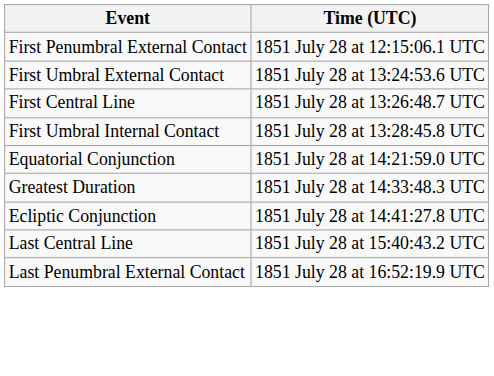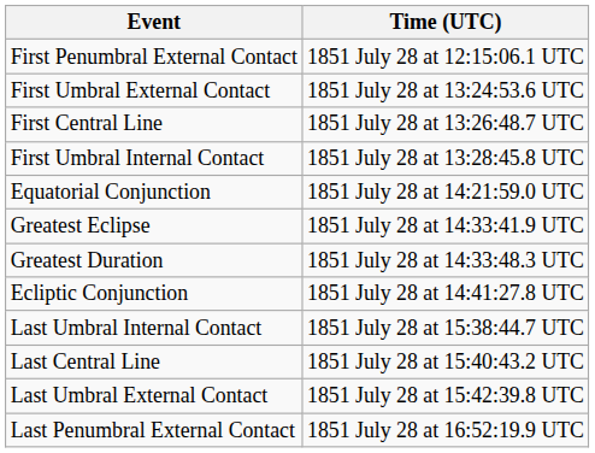 <table class="wikitable">
 <tr>
 <th>Event</th>
 <th>Time (UTC)</th>
 </tr>
 <tr>
 <td>First Penumbral External Contact</td>
 <td>1851 July 28 at 12:15:06.1 UTC</td>
 </tr>
 <tr>
 <td>First Umbral External Contact</td>
 <td>1851 July 28 at 13:24:53.6 UTC</td>
 </tr>
 <tr>
 <td>First Central Line</td>
 <td>1851 July 28 at 13:26:48.7 UTC</td>
 </tr>
 <tr>
 <td>First Umbral Internal Contact</td>
 <td>1851 July 28 at 13:28:45.8 UTC</td>
 </tr>
 <tr>
 <td>Equatorial Conjunction</td>
 <td>1851 July 28 at 14:21:59.0 UTC</td>
 </tr>
 <tr>
+<td>Greatest Eclipse</td>
+<td>1851 July 28 at 14:33:41.9 UTC</td>
+</tr>
+<tr>
 <td>Greatest Duration</td>
 <td>1851 July 28 at 14:33:48.3 UTC</td>
 </tr>
 <tr>
 <td>Ecliptic Conjunction</td>
 <td>1851 July 28 at 14:41:27.8 UTC</td>
 </tr>
 <tr>
+<td>Last Umbral Internal Contact</td>
+<td>1851 July 28 at 15:38:44.7 UTC</td>
+</tr>
+<tr>
 <td>Last Central Line</td>
 <td>1851 July 28 at 15:40:43.2 UTC</td>
+</tr>
+<tr>
+<td>Last Umbral External Contact</td>
+<td>1851 July 28 at 15:42:39.8 UTC</td>
 </tr>
 <tr>
 <td>Last Penumbral External Contact</td>
 <td>1851 July 28 at 16:52:19.9 UTC</td>
 </tr>
 </table>
